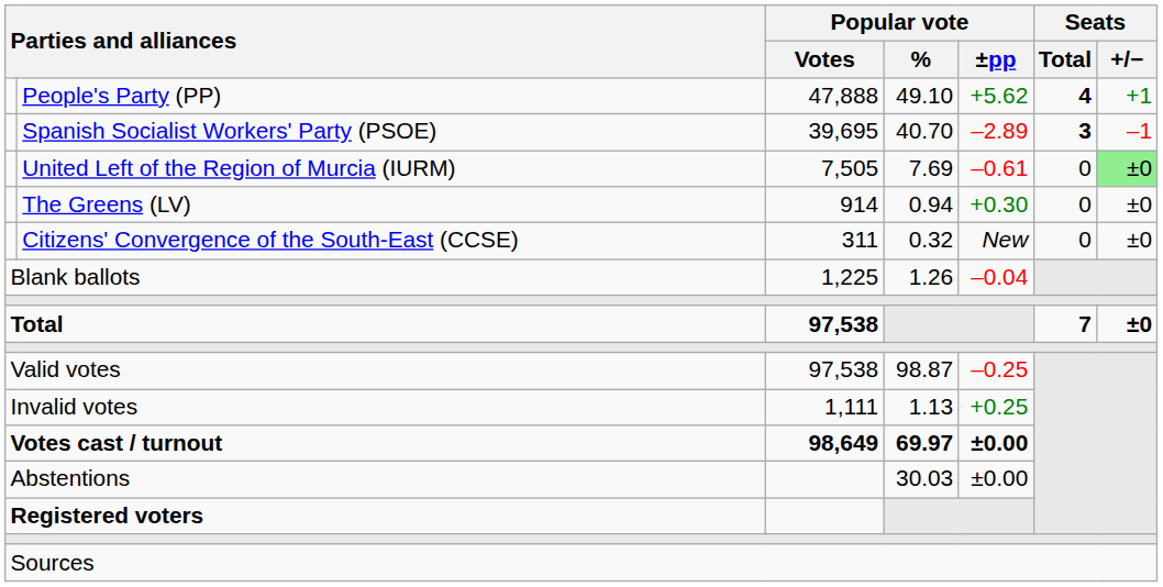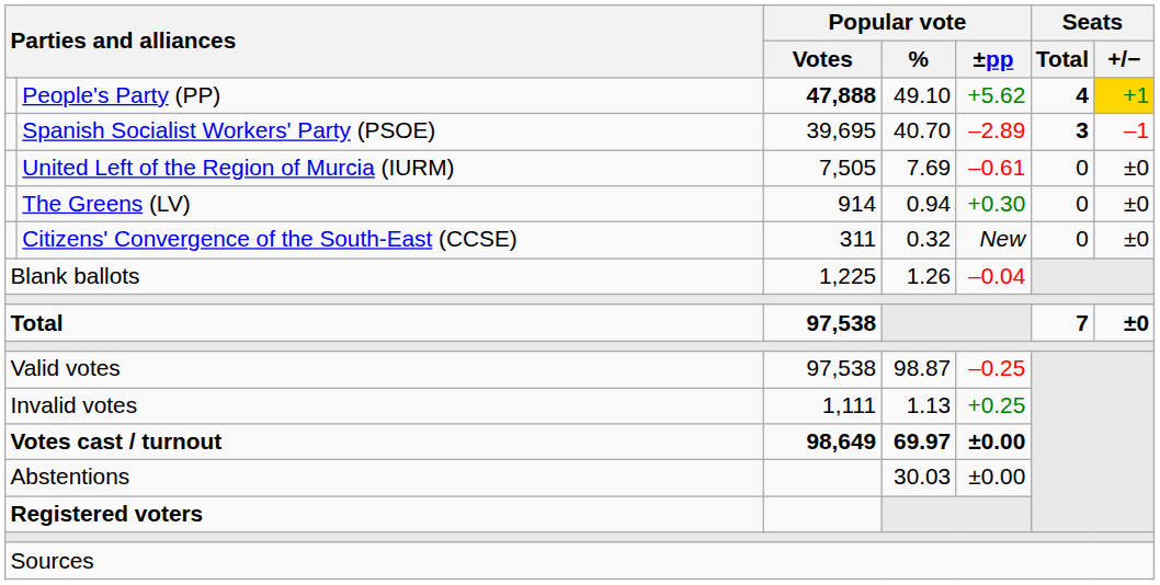 <table class="wikitable" style="text-align:right;">
 <tr>
 <th style="text-align:left;" rowspan="2" colspan="2" width="525">Parties and alliances</th>
 <th colspan="3">Popular vote</th>
 <th colspan="2">Seats</th>
 </tr>
 <tr>
 <th width="75">Votes</th>
 <th width="45">%</th>
 <th width="45">±<a href='#'>pp</a></th>
 <th width="35">Total</th>
 <th width="35">+/−</th>
 </tr>
 <tr>
 <td width="1" style="color:inherit;background:"></td>
 <td align="left"><a href='#'>People's Party</a> (PP)</td>
-<td>47,888</td>
+<td><strong>47,888</strong></td>
 <td>49.10</td>
 <td style="color:green;">+5.62</td>
 <td><strong>4</strong></td>
-<td style="color:green;">+1</td>
+<td style="background: gold; color:green;">+1</td>
 </tr>
 <tr>
 <td style="color:inherit;background:"></td>
 <td align="left"><a href='#'>Spanish Socialist Workers' Party</a> (PSOE)</td>
 <td>39,695</td>
 <td>40.70</td>
 <td style="color:red;">–2.89</td>
 <td><strong>3</strong></td>
 <td style="color:red;">–1</td>
 </tr>
 <tr>
 <td style="color:inherit;background:"></td>
 <td align="left"><a href='#'>United Left of the Region of Murcia</a> (IURM)</td>
 <td>7,505</td>
 <td>7.69</td>
 <td style="color:red;">–0.61</td>
 <td>0</td>
-<td style="background: lightgreen;">±0</td>
+<td>±0</td>
 </tr>
 <tr>
 <td style="color:inherit;background:"></td>
 <td align="left"><a href='#'>The Greens</a> (LV)</td>
 <td>914</td>
 <td>0.94</td>
 <td style="color:green;">+0.30</td>
 <td>0</td>
 <td>±0</td>
 </tr>
 <tr>
 <td style="color:inherit;background:"></td>
 <td align="left"><a href='#'>Citizens' Convergence of the South-East</a> (CCSE)</td>
 <td>311</td>
 <td>0.32</td>
 <td><em>New</em></td>
 <td>0</td>
 <td>±0</td>
 </tr>
 <tr>
 <td align="left" colspan="2">Blank ballots</td>
 <td>1,225</td>
 <td>1.26</td>
 <td style="color:red;">–0.04</td>
 <td bgcolor="#E9E9E9" colspan="2"></td>
 </tr>
 <tr>
 <td colspan="7" bgcolor="#E9E9E9"></td>
 </tr>
 <tr style="font-weight:bold;">
 <td align="left" colspan="2">Total</td>
 <td>97,538</td>
 <td bgcolor="#E9E9E9" colspan="2"></td>
 <td>7</td>
 <td>±0</td>
 </tr>
 <tr>
 <td colspan="7" bgcolor="#E9E9E9"></td>
 </tr>
 <tr>
 <td align="left" colspan="2">Valid votes</td>
 <td>97,538</td>
 <td>98.87</td>
 <td style="color:red;">–0.25</td>
 <td bgcolor="#E9E9E9" colspan="2" rowspan="5"></td>
 </tr>
 <tr>
 <td align="left" colspan="2">Invalid votes</td>
 <td>1,111</td>
 <td>1.13</td>
 <td style="color:green;">+0.25</td>
 </tr>
 <tr style="font-weight:bold;">
 <td align="left" colspan="2">Votes cast / turnout</td>
 <td>98,649</td>
 <td>69.97</td>
 <td>±0.00</td>
 </tr>
 <tr>
 <td align="left" colspan="2">Abstentions</td>
 <td></td>
 <td>30.03</td>
 <td>±0.00</td>
 </tr>
 <tr style="font-weight:bold;">
 <td align="left" colspan="2">Registered voters</td>
 <td></td>
 <td bgcolor="#E9E9E9" colspan="2"></td>
 </tr>
 <tr>
 <td colspan="7" bgcolor="#E9E9E9"></td>
 </tr>
 <tr>
 <td align="left" colspan="7">Sources</td>
 </tr>
 </table>
